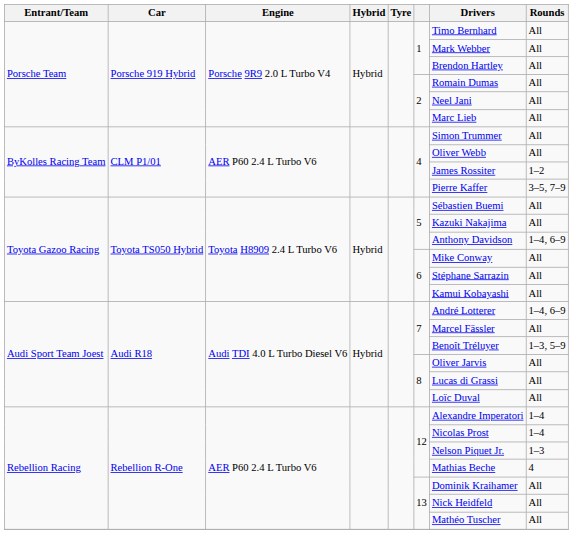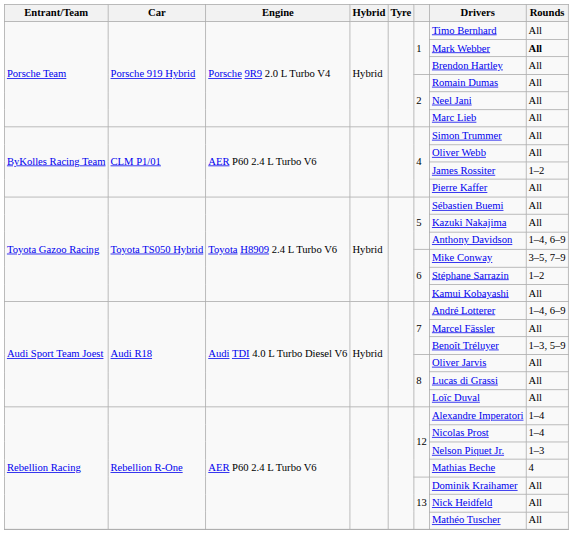 <table class="wikitable" style="font-size: 85%">
 <tr>
 <th>Entrant/Team</th>
 <th>Car</th>
 <th>Engine</th>
 <th>Hybrid</th>
 <th>Tyre</th>
 <th></th>
 <th>Drivers</th>
 <th>Rounds</th>
 </tr>
 <tr>
 <td rowspan=6> <a href='#'>Porsche Team</a></td>
 <td rowspan=6><a href='#'>Porsche 919 Hybrid</a></td>
 <td rowspan=6><a href='#'>Porsche</a> <a href='#'>9R9</a> 2.0 L Turbo V4</td>
 <td rowspan=6>Hybrid</td>
 <td rowspan=6></td>
 <td rowspan=3>1</td>
 <td> <a href='#'>Timo Bernhard</a></td>
 <td>All</td>
 </tr>
 <tr>
 <td> <a href='#'>Mark Webber</a></td>
-<td>All</td>
+<td><strong>All</strong></td>
 </tr>
 <tr>
 <td> <a href='#'>Brendon Hartley</a></td>
 <td>All</td>
 </tr>
 <tr>
 <td rowspan=3>2</td>
 <td> <a href='#'>Romain Dumas</a></td>
 <td>All</td>
 </tr>
 <tr>
 <td> <a href='#'>Neel Jani</a></td>
 <td>All</td>
 </tr>
 <tr>
 <td> <a href='#'>Marc Lieb</a></td>
 <td>All</td>
 </tr>
 <tr>
 <td rowspan=4> <a href='#'>ByKolles Racing Team</a></td>
 <td rowspan=4><a href='#'>CLM P1/01</a></td>
 <td rowspan=4><a href='#'>AER</a> P60 2.4 L Turbo V6</td>
 <td rowspan=4></td>
 <td rowspan=4></td>
 <td rowspan=4>4</td>
 <td> <a href='#'>Simon Trummer</a></td>
 <td>All</td>
 </tr>
 <tr>
 <td> <a href='#'>Oliver Webb</a></td>
 <td>All</td>
 </tr>
 <tr>
 <td> <a href='#'>James Rossiter</a></td>
 <td>1–2</td>
 </tr>
 <tr>
 <td> <a href='#'>Pierre Kaffer</a></td>
-<td>3–5, 7–9</td>
+<td>All</td>
 </tr>
 <tr>
 <td rowspan=6> <a href='#'>Toyota Gazoo Racing</a></td>
 <td rowspan=6><a href='#'>Toyota TS050 Hybrid</a></td>
 <td rowspan=6><a href='#'>Toyota</a> <a href='#'>H8909</a> 2.4 L Turbo V6</td>
 <td rowspan=6>Hybrid</td>
 <td rowspan=6></td>
 <td rowspan=3>5</td>
 <td> <a href='#'>Sébastien Buemi</a></td>
 <td>All</td>
 </tr>
 <tr>
 <td> <a href='#'>Kazuki Nakajima</a></td>
 <td>All</td>
 </tr>
 <tr>
 <td> <a href='#'>Anthony Davidson</a></td>
 <td>1–4, 6–9</td>
 </tr>
 <tr>
 <td rowspan=3>6</td>
 <td> <a href='#'>Mike Conway</a></td>
-<td>All</td>
+<td>3–5, 7–9</td>
 </tr>
 <tr>
 <td> <a href='#'>Stéphane Sarrazin</a></td>
-<td>All</td>
+<td>1–2</td>
 </tr>
 <tr>
 <td> <a href='#'>Kamui Kobayashi</a></td>
 <td>All</td>
 </tr>
 <tr>
 <td rowspan=6> <a href='#'>Audi Sport Team Joest</a></td>
 <td rowspan=6><a href='#'>Audi R18</a></td>
 <td rowspan=6><a href='#'>Audi</a> <a href='#'>TDI</a> 4.0 L Turbo Diesel V6</td>
 <td rowspan=6>Hybrid</td>
 <td rowspan=6></td>
 <td rowspan=3>7</td>
 <td> <a href='#'>André Lotterer</a></td>
 <td>1–4, 6–9</td>
 </tr>
 <tr>
 <td> <a href='#'>Marcel Fässler</a></td>
 <td>All</td>
 </tr>
 <tr>
 <td> <a href='#'>Benoît Tréluyer</a></td>
 <td>1–3, 5–9</td>
 </tr>
 <tr>
 <td rowspan=3>8</td>
 <td> <a href='#'>Oliver Jarvis</a></td>
 <td>All</td>
 </tr>
 <tr>
 <td> <a href='#'>Lucas di Grassi</a></td>
 <td>All</td>
 </tr>
 <tr>
 <td> <a href='#'>Loïc Duval</a></td>
 <td>All</td>
 </tr>
 <tr>
 <td rowspan=7> <a href='#'>Rebellion Racing</a></td>
 <td rowspan=7><a href='#'>Rebellion R-One</a></td>
 <td rowspan=7><a href='#'>AER</a> P60 2.4 L Turbo V6</td>
 <td rowspan=7></td>
 <td rowspan=7></td>
 <td rowspan=4>12</td>
 <td> <a href='#'>Alexandre Imperatori</a></td>
 <td>1–4</td>
 </tr>
 <tr>
 <td> <a href='#'>Nicolas Prost</a></td>
 <td>1–4</td>
 </tr>
 <tr>
 <td> <a href='#'>Nelson Piquet Jr.</a></td>
 <td>1–3</td>
 </tr>
 <tr>
 <td> <a href='#'>Mathias Beche</a></td>
 <td>4</td>
 </tr>
 <tr>
 <td rowspan=3>13</td>
 <td> <a href='#'>Dominik Kraihamer</a></td>
 <td>All</td>
 </tr>
 <tr>
 <td> <a href='#'>Nick Heidfeld</a></td>
 <td>All</td>
 </tr>
 <tr>
 <td> <a href='#'>Mathéo Tuscher</a></td>
 <td>All</td>
 </tr>
 <tr>
 </tr>
 </table>
